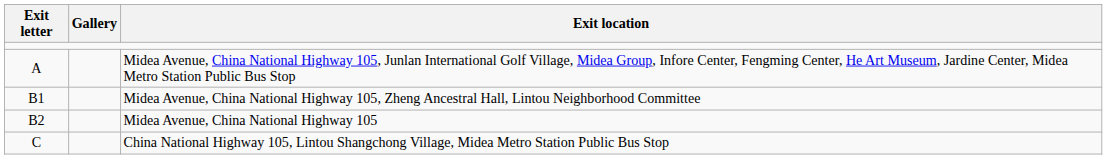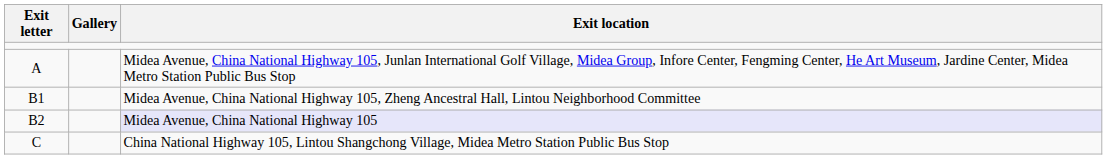 <table class="wikitable">
 <tr>
 <th colspan="2" style="width:70px">Exit letter</th>
 <th>Gallery</th>
 <th>Exit location</th>
 </tr>
 <tr style="background:#">
 <td colspan="4"></td>
 </tr>
 <tr>
 <td colspan="2" align="center">A</td>
 <td></td>
 <td>Midea Avenue, <a href='#'>China National Highway 105</a>, Junlan International Golf Village, <a href='#'>Midea Group</a>, Infore Center, Fengming Center, <a href='#'>He Art Museum</a>, Jardine Center, Midea Metro Station Public Bus Stop</td>
 </tr>
 <tr>
 <td colspan="2" align="center">B1</td>
 <td></td>
 <td>Midea Avenue, China National Highway 105, Zheng Ancestral Hall, Lintou Neighborhood Committee</td>
 </tr>
 <tr>
 <td colspan="2" align="center">B2</td>
 <td></td>
-<td>Midea Avenue, China National Highway 105</td>
+<td style="background: lavender;">Midea Avenue, China National Highway 105</td>
 </tr>
 <tr>
 <td colspan="2" align="center">C</td>
 <td></td>
 <td>China National Highway 105, Lintou Shangchong Village, Midea Metro Station Public Bus Stop</td>
 </tr>
 </table>
